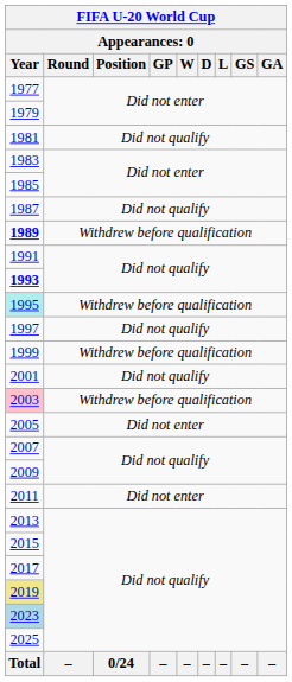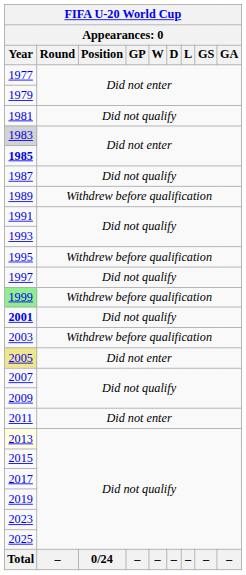 <table class="wikitable" style="text-align: center;font-size:90%;">
 <tr>
 <th colspan=9><a href='#'>FIFA U-20 World Cup</a></th>
 </tr>
 <tr>
 <th colspan=9>Appearances: 0</th>
 </tr>
 <tr>
 <th>Year</th>
 <th>Round</th>
 <th>Position</th>
 <th>GP</th>
 <th>W</th>
 <th>D</th>
 <th>L</th>
 <th>GS</th>
 <th>GA</th>
 </tr>
 <tr>
 <td> <a href='#'>1977</a></td>
 <td colspan=8 rowspan=2><em>Did not enter</em></td>
 </tr>
 <tr>
 <td> <a href='#'>1979</a></td>
 </tr>
 <tr>
 <td> <a href='#'>1981</a></td>
 <td colspan=8><em>Did not qualify</em></td>
 </tr>
 <tr>
-<td> <a href='#'>1983</a></td>
+<td style="background: lightgrey;"> <a href='#'>1983</a></td>
 <td colspan=8 rowspan=2><em>Did not enter</em></td>
 </tr>
 <tr>
-<td> <a href='#'>1985</a></td>
+<td><strong> <a href='#'>1985</a></strong></td>
 </tr>
 <tr>
 <td> <a href='#'>1987</a></td>
 <td colspan=8><em>Did not qualify</em></td>
 </tr>
 <tr>
-<td><strong> <a href='#'>1989</a></strong></td>
+<td> <a href='#'>1989</a></td>
 <td colspan=8><em>Withdrew before qualification</em></td>
 </tr>
 <tr>
 <td> <a href='#'>1991</a></td>
 <td colspan=8 rowspan=2><em>Did not qualify</em></td>
 </tr>
 <tr>
-<td><strong> <a href='#'>1993</a></strong></td>
+<td> <a href='#'>1993</a></td>
 </tr>
 <tr>
-<td style="background: paleturquoise;"> <a href='#'>1995</a></td>
+<td> <a href='#'>1995</a></td>
 <td colspan=8><em>Withdrew before qualification</em></td>
 </tr>
 <tr>
 <td> <a href='#'>1997</a></td>
 <td colspan=8><em>Did not qualify</em></td>
 </tr>
 <tr>
-<td> <a href='#'>1999</a></td>
+<td style="background: lightgreen;"> <a href='#'>1999</a></td>
 <td colspan=8><em>Withdrew before qualification</em></td>
 </tr>
 <tr>
-<td> <a href='#'>2001</a></td>
+<td><strong> <a href='#'>2001</a></strong></td>
 <td colspan=8><em>Did not qualify</em></td>
 </tr>
 <tr>
-<td style="background: pink;"> <a href='#'>2003</a></td>
+<td> <a href='#'>2003</a></td>
 <td colspan=8><em>Withdrew before qualification</em></td>
 </tr>
 <tr>
-<td> <a href='#'>2005</a></td>
+<td style="background: khaki;"> <a href='#'>2005</a></td>
 <td colspan=8><em>Did not enter</em></td>
 </tr>
 <tr>
 <td> <a href='#'>2007</a></td>
 <td colspan=8 rowspan=2><em>Did not qualify</em></td>
 </tr>
 <tr>
 <td> <a href='#'>2009</a></td>
 </tr>
 <tr>
 <td> <a href='#'>2011</a></td>
 <td colspan=8><em>Did not enter</em></td>
 </tr>
 <tr>
-<td> <a href='#'>2013</a></td>
+<td style="background: lightyellow;"> <a href='#'>2013</a></td>
 <td colspan=8 rowspan=6><em>Did not qualify</em></td>
 </tr>
 <tr>
 <td> <a href='#'>2015</a></td>
 </tr>
 <tr>
 <td> <a href='#'>2017</a></td>
 </tr>
 <tr>
-<td style="background: khaki;"> <a href='#'>2019</a></td>
+<td> <a href='#'>2019</a></td>
 </tr>
 <tr>
-<td style="background: lightblue;"> <a href='#'>2023</a></td>
+<td> <a href='#'>2023</a></td>
 </tr>
 <tr>
 <td> <a href='#'>2025</a></td>
 </tr>
 <tr>
 <th>Total</th>
 <th>–</th>
 <th>0/24</th>
 <th>–</th>
 <th>–</th>
 <th>–</th>
 <th>–</th>
 <th>–</th>
 <th>–</th>
 </tr>
 </table>
